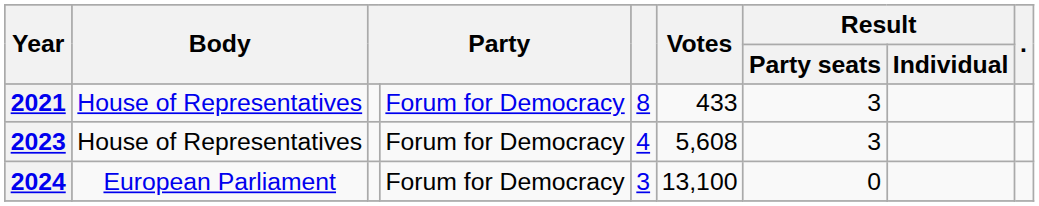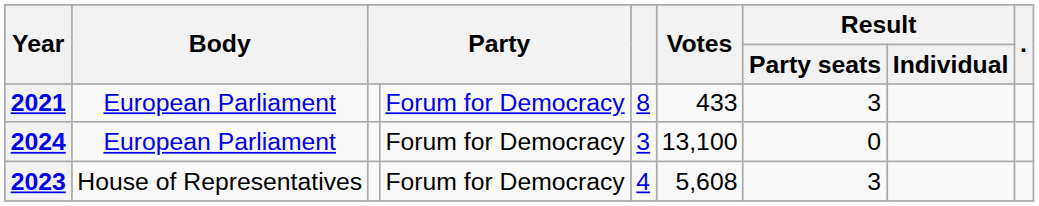 <table class="wikitable plainrowheaders sortable" border=2 cellpadding=4 cellspacing=0 style="border: 1px #aaa solid; font-size: 90%; text-align:center;">
 <tr>
 <th scope="col" rowspan=2>Year</th>
 <th scope="col" rowspan=2>Body</th>
 <th scope="col" colspan=2 rowspan=2>Party</th>
 <th scope="col" rowspan=2></th>
 <th scope="col" rowspan=2>Votes</th>
 <th scope="colgroup" colspan=2>Result</th>
 <th scope="col" rowspan=2 class="unsortable">.</th>
 </tr>
 <tr>
 <th scope="col">Party seats</th>
 <th scope="col">Individual</th>
 </tr>
 <tr>
 <th scope="row"><a href='#'>2021</a></th>
-<td><a href='#'>House of Representatives</a></td>
+<td><a href='#'>European Parliament</a></td>
 <td style="background-color:"></td>
 <td><a href='#'>Forum for Democracy</a></td>
 <td style=text-align:right><a href='#'>8</a></td>
 <td style=text-align:right>433</td>
-<td style=text-align:right>3</td>
-<td></td>
-<td></td>
-</tr>
-<tr>
-<th scope="row"><a href='#'>2023</a></th>
-<td>House of Representatives</td>
-<td style="background-color:"></td>
-<td>Forum for Democracy</td>
-<td style=text-align:right><a href='#'>4</a></td>
-<td style=text-align:right>5,608</td>
 <td style=text-align:right>3</td>
 <td></td>
 <td></td>
 </tr>
 <tr>
 <th scope="row"><a href='#'>2024</a></th>
 <td><a href='#'>European Parliament</a></td>
 <td style="background-color:"></td>
 <td>Forum for Democracy</td>
 <td style=text-align:right><a href='#'>3</a></td>
 <td style=text-align:right>13,100</td>
 <td style=text-align:right>0</td>
 <td></td>
 <td></td>
 </tr>
+<tr>
+<th scope="row"><a href='#'>2023</a></th>
+<td>House of Representatives</td>
+<td style="background-color:"></td>
+<td>Forum for Democracy</td>
+<td style=text-align:right><a href='#'>4</a></td>
+<td style=text-align:right>5,608</td>
+<td style=text-align:right>3</td>
+<td></td>
+<td></td>
+</tr>
 </table>
